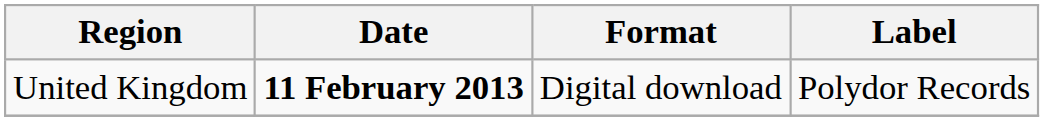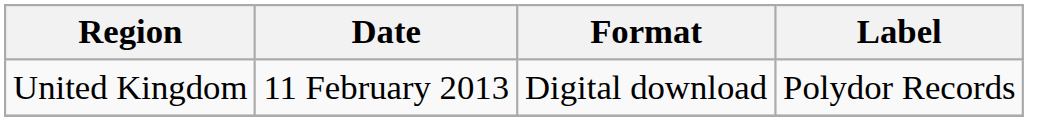 <table class=wikitable>
 <tr>
 <th>Region</th>
 <th>Date</th>
 <th>Format</th>
 <th>Label</th>
 </tr>
 <tr>
 <td>United Kingdom</td>
-<td><strong>11 February 2013</strong></td>
+<td>11 February 2013</td>
 <td>Digital download</td>
 <td>Polydor Records</td>
 </tr>
 <tr>
 </tr>
 </table>
